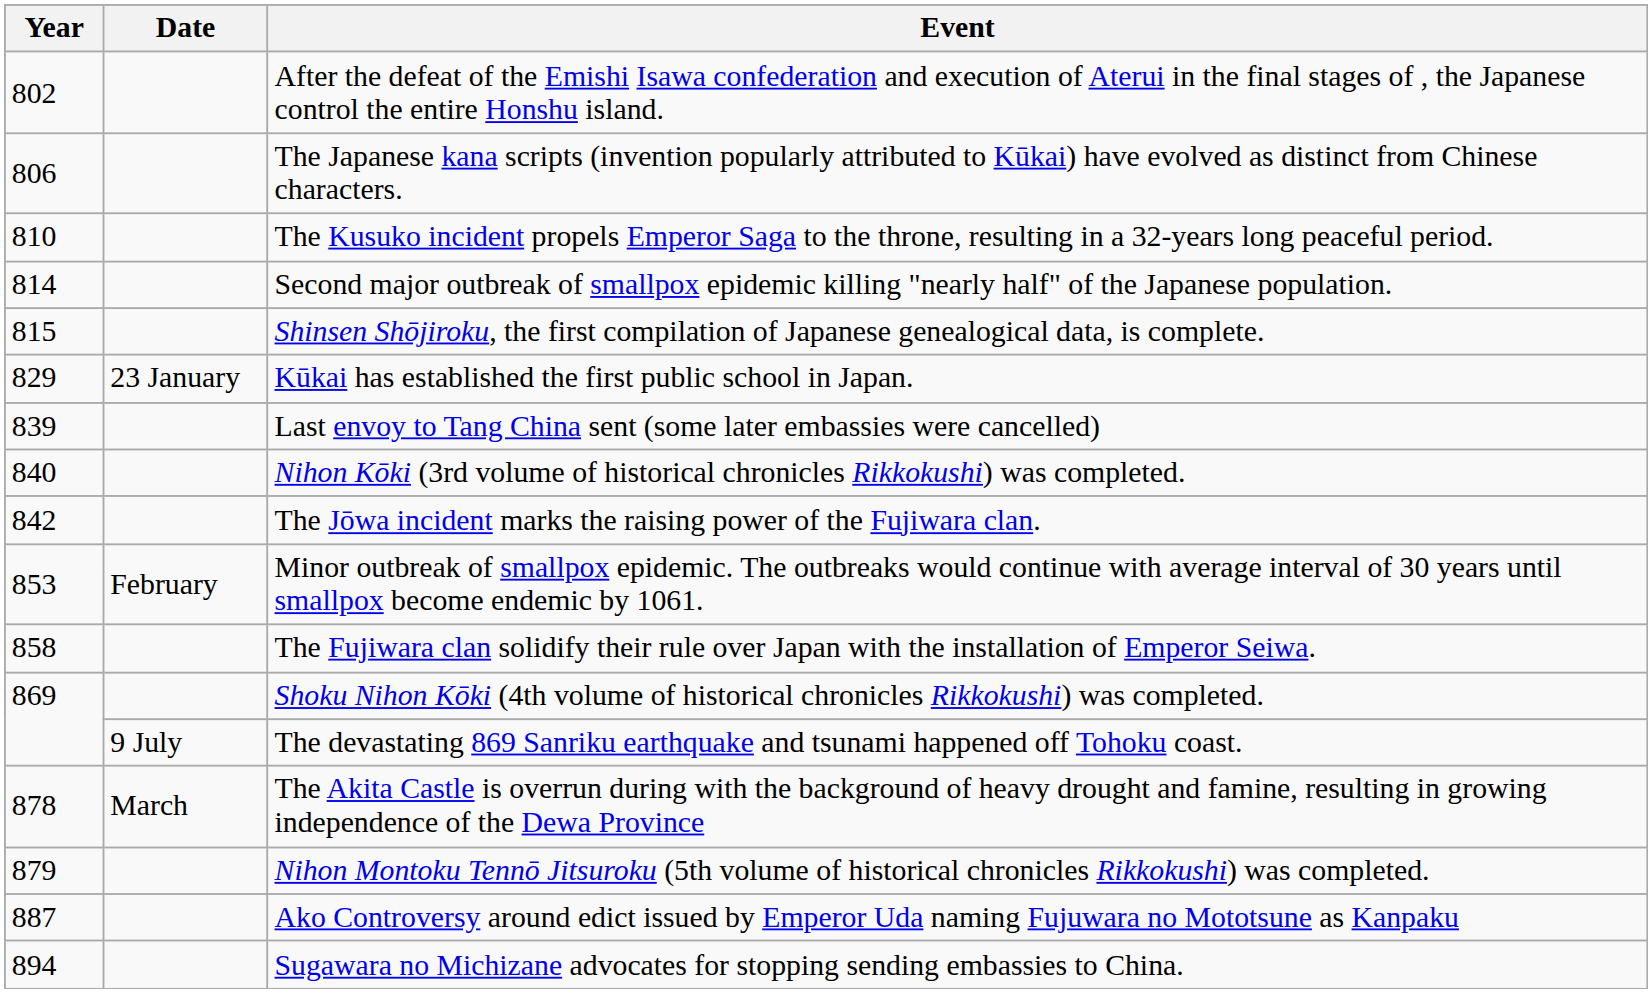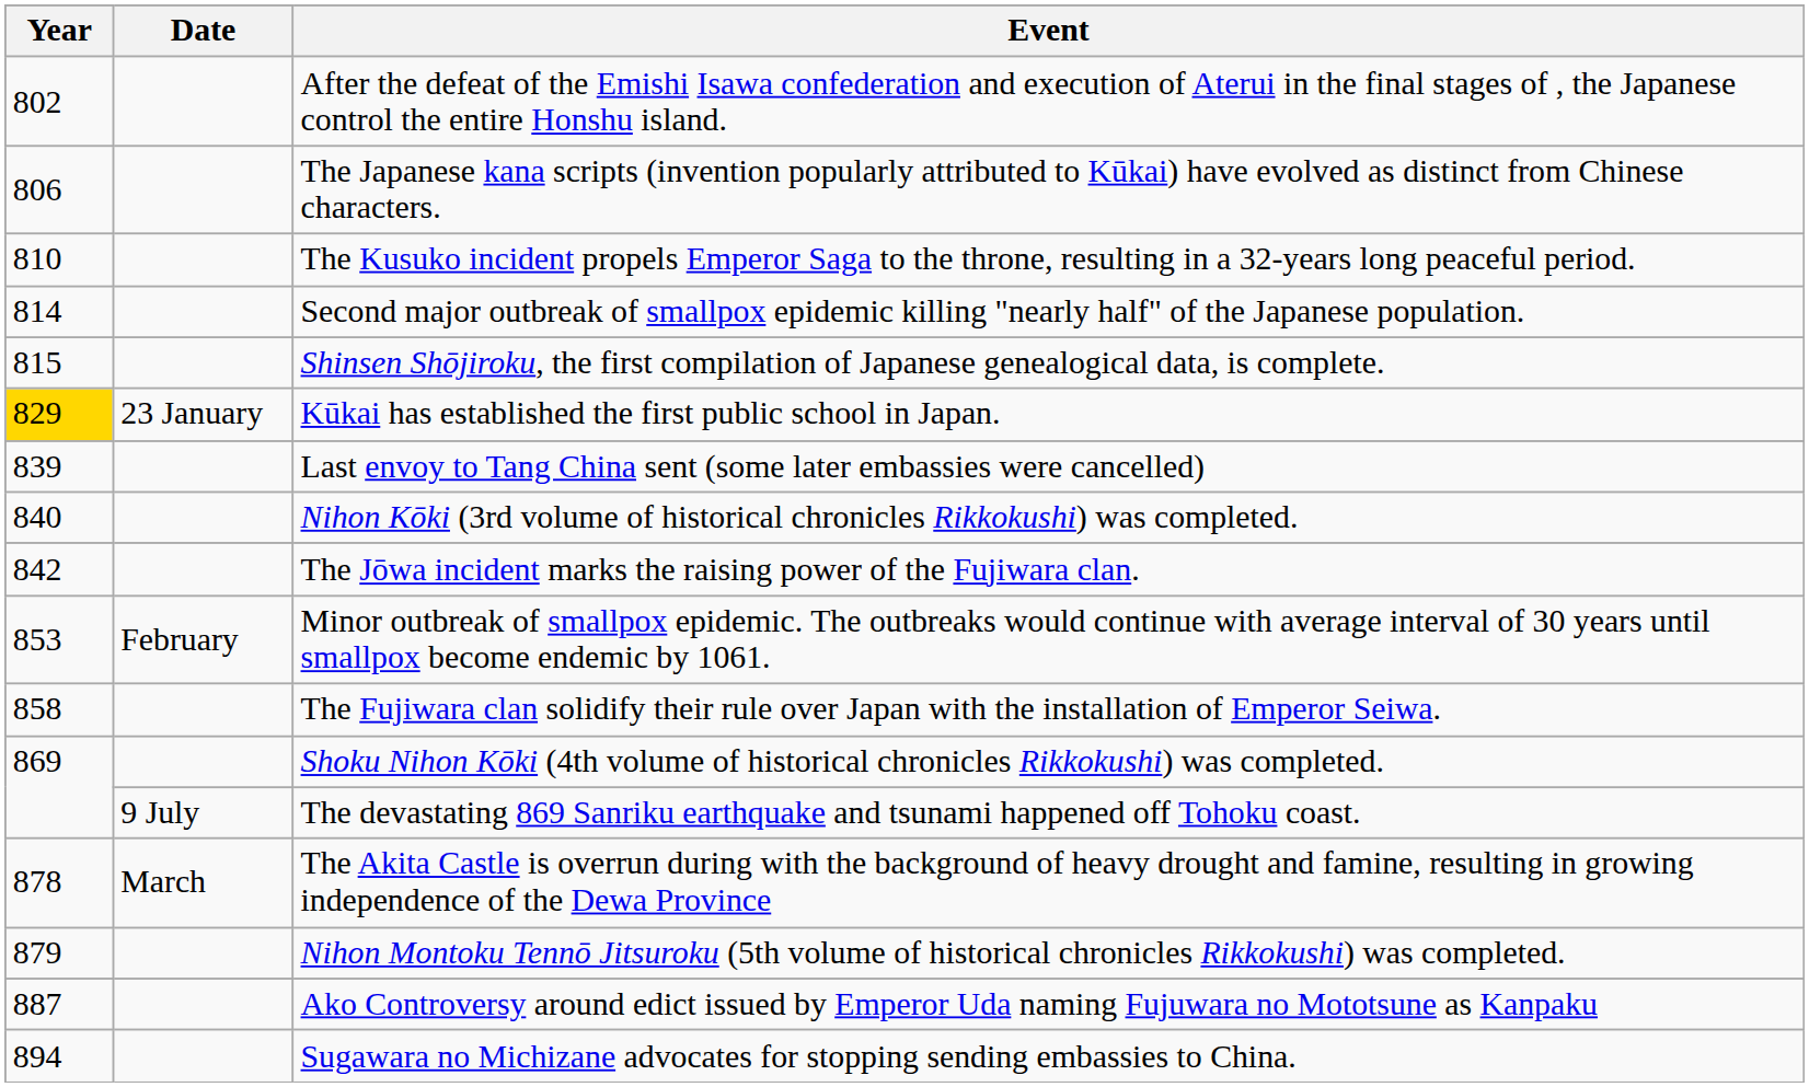 <table class="wikitable" width="100%">
 <tr>
 <th style="width:6%">Year</th>
 <th style="width:10%">Date</th>
 <th>Event</th>
 </tr>
 <tr>
 <td>802</td>
 <td></td>
 <td>After the defeat of the <a href='#'>Emishi</a> <a href='#'>Isawa confederation</a> and execution of <a href='#'>Aterui</a> in the final stages of , the Japanese control the entire <a href='#'>Honshu</a> island.</td>
 </tr>
 <tr>
 <td>806</td>
 <td></td>
 <td>The Japanese <a href='#'>kana</a> scripts (invention popularly attributed to <a href='#'>Kūkai</a>) have evolved as distinct from Chinese characters.</td>
 </tr>
 <tr>
 <td>810</td>
 <td></td>
 <td>The <a href='#'>Kusuko incident</a> propels <a href='#'>Emperor Saga</a> to the throne, resulting in a 32-years long peaceful period.</td>
 </tr>
 <tr>
 <td>814</td>
 <td></td>
 <td>Second major outbreak of <a href='#'>smallpox</a> epidemic killing "nearly half" of the Japanese population.</td>
 </tr>
 <tr>
 <td>815</td>
 <td></td>
 <td><em><a href='#'>Shinsen Shōjiroku</a></em>, the first compilation of Japanese genealogical data, is complete.</td>
 </tr>
 <tr>
-<td>829</td>
+<td style="background: gold;">829</td>
 <td>23 January</td>
 <td><a href='#'>Kūkai</a> has established the first public school in Japan.</td>
 </tr>
 <tr>
 <td>839</td>
 <td></td>
 <td>Last <a href='#'>envoy to Tang China</a> sent (some later embassies were cancelled)</td>
 </tr>
 <tr>
 <td>840</td>
 <td></td>
 <td><em><a href='#'>Nihon Kōki</a></em> (3rd volume of historical chronicles <em><a href='#'>Rikkokushi</a></em>) was completed.</td>
 </tr>
 <tr>
 <td>842</td>
 <td></td>
 <td>The <a href='#'>Jōwa incident</a> marks the raising power of the <a href='#'>Fujiwara clan</a>.</td>
 </tr>
 <tr>
 <td>853</td>
 <td>February</td>
 <td>Minor outbreak of <a href='#'>smallpox</a> epidemic. The outbreaks would continue with average interval of 30 years until <a href='#'>smallpox</a> become endemic by 1061.</td>
 </tr>
 <tr>
 <td>858</td>
 <td></td>
 <td>The <a href='#'>Fujiwara clan</a> solidify their rule over Japan with the installation of <a href='#'>Emperor Seiwa</a>.</td>
 </tr>
 <tr>
 <td rowspan="2" valign="top">869</td>
 <td></td>
 <td><em><a href='#'>Shoku Nihon Kōki</a></em> (4th volume of historical chronicles <em><a href='#'>Rikkokushi</a></em>) was completed.</td>
 </tr>
 <tr>
 <td>9 July</td>
 <td>The devastating <a href='#'>869 Sanriku earthquake</a> and tsunami happened off <a href='#'>Tohoku</a> coast.</td>
 </tr>
 <tr>
 <td>878</td>
 <td>March</td>
 <td>The <a href='#'>Akita Castle</a> is overrun during  with the background of heavy drought and famine, resulting in growing independence of the <a href='#'>Dewa Province</a></td>
 </tr>
 <tr>
 <td>879</td>
 <td></td>
 <td><em><a href='#'>Nihon Montoku Tennō Jitsuroku</a></em> (5th volume of historical chronicles <em><a href='#'>Rikkokushi</a></em>) was completed.</td>
 </tr>
 <tr>
 <td>887</td>
 <td></td>
 <td><a href='#'>Ako Controversy</a> around edict issued by <a href='#'>Emperor Uda</a> naming <a href='#'>Fujuwara no Mototsune</a> as <a href='#'>Kanpaku</a></td>
 </tr>
 <tr>
 <td>894</td>
 <td></td>
 <td><a href='#'>Sugawara no Michizane</a> advocates for stopping sending embassies to China.</td>
 </tr>
 </table>
